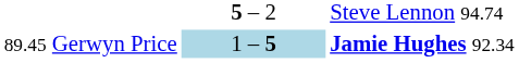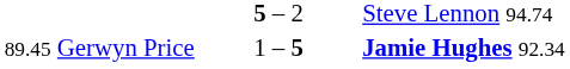 <table style="text-align:center">
 <tr>
 <th width=223></th>
 <th width=100></th>
 <th width=223></th>
 </tr>
 <tr>
 <td align=right></td>
 <td><strong>5</strong> – 2</td>
 <td align=left> <a href='#'>Steve Lennon</a> <small>94.74</small></td>
 </tr>
 <tr>
 <td align=right><small>89.45</small> <a href='#'>Gerwyn Price</a> </td>
-<td style="background: lightblue;">1 – <strong>5</strong></td>
+<td>1 – <strong>5</strong></td>
 <td align=left> <strong><a href='#'>Jamie Hughes</a></strong> <small>92.34</small></td>
 </tr>
 </table>
